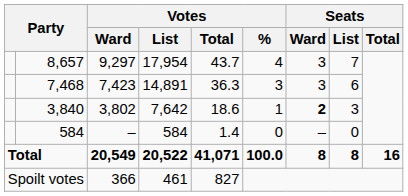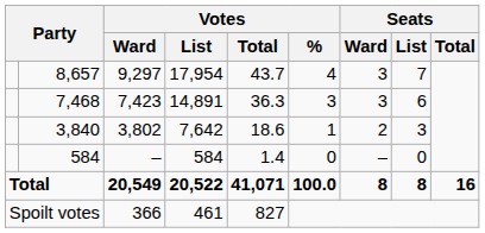 <table class=wikitable style="text-align:right">
 <tr>
 <th rowspan="2" colspan="2">Party</th>
 <th colspan="4" align="center">Votes</th>
 <th colspan="3" align="center">Seats</th>
 </tr>
 <tr>
 <th>Ward</th>
 <th>List</th>
 <th>Total</th>
 <th>%</th>
 <th>Ward</th>
 <th>List</th>
 <th>Total</th>
 </tr>
 <tr>
 <td></td>
 <td>8,657</td>
 <td>9,297</td>
 <td>17,954</td>
 <td>43.7</td>
 <td>4</td>
 <td>3</td>
 <td>7</td>
 </tr>
 <tr>
 <td></td>
 <td>7,468</td>
 <td>7,423</td>
 <td>14,891</td>
 <td>36.3</td>
 <td>3</td>
 <td>3</td>
 <td>6</td>
 </tr>
 <tr>
 <td></td>
 <td>3,840</td>
 <td>3,802</td>
 <td>7,642</td>
 <td>18.6</td>
 <td>1</td>
-<td><strong>2</strong></td>
+<td>2</td>
 <td>3</td>
 </tr>
 <tr>
 <td></td>
 <td>584</td>
 <td>–</td>
 <td>584</td>
 <td>1.4</td>
 <td>0</td>
 <td>–</td>
 <td>0</td>
 </tr>
 <tr>
 <td colspan="2" style="text-align:left"><strong>Total</strong></td>
 <td><strong>20,549</strong></td>
 <td><strong>20,522</strong></td>
 <td><strong>41,071</strong></td>
 <td><strong>100.0</strong></td>
 <td><strong>8</strong></td>
 <td><strong>8</strong></td>
 <td><strong>16</strong></td>
 </tr>
 <tr>
 <td colspan="2" style="text-align:left">Spoilt votes</td>
 <td>366</td>
 <td>461</td>
 <td>827</td>
 </tr>
 </table>
